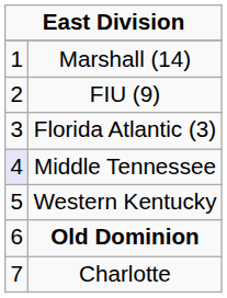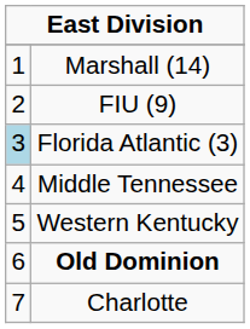 <table class="wikitable">
 <tr align="center">
 <td align="center" Colspan="2"><strong>East Division</strong></td>
 </tr>
 <tr align="center">
 </tr>
 <tr align="center">
 <td>1</td>
 <td>Marshall (14)</td>
 </tr>
 <tr align="center">
 <td>2</td>
 <td>FIU (9)</td>
 </tr>
 <tr align="center">
-<td>3</td>
+<td style="background: lightblue;">3</td>
 <td>Florida Atlantic (3)</td>
 </tr>
 <tr align="center">
-<td style="background: lavender;">4</td>
+<td>4</td>
 <td>Middle Tennessee</td>
 </tr>
 <tr align="center">
 <td>5</td>
 <td>Western Kentucky</td>
 </tr>
 <tr align="center">
 <td>6</td>
 <td><strong>Old Dominion</strong></td>
 </tr>
 <tr align="center">
 <td>7</td>
 <td>Charlotte</td>
 </tr>
 </table>
